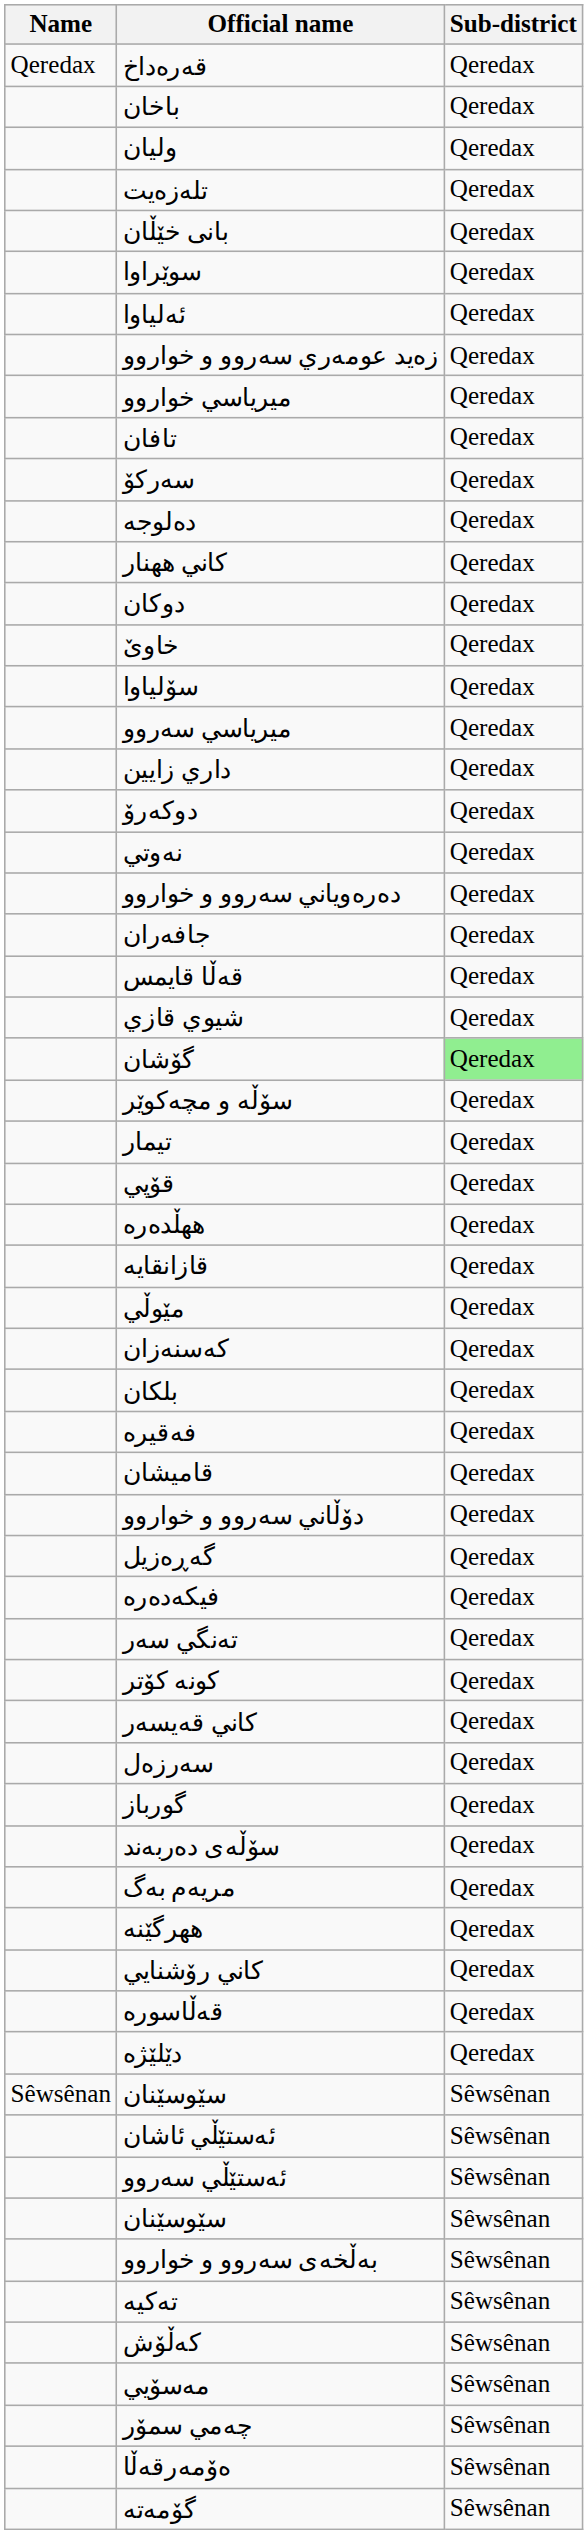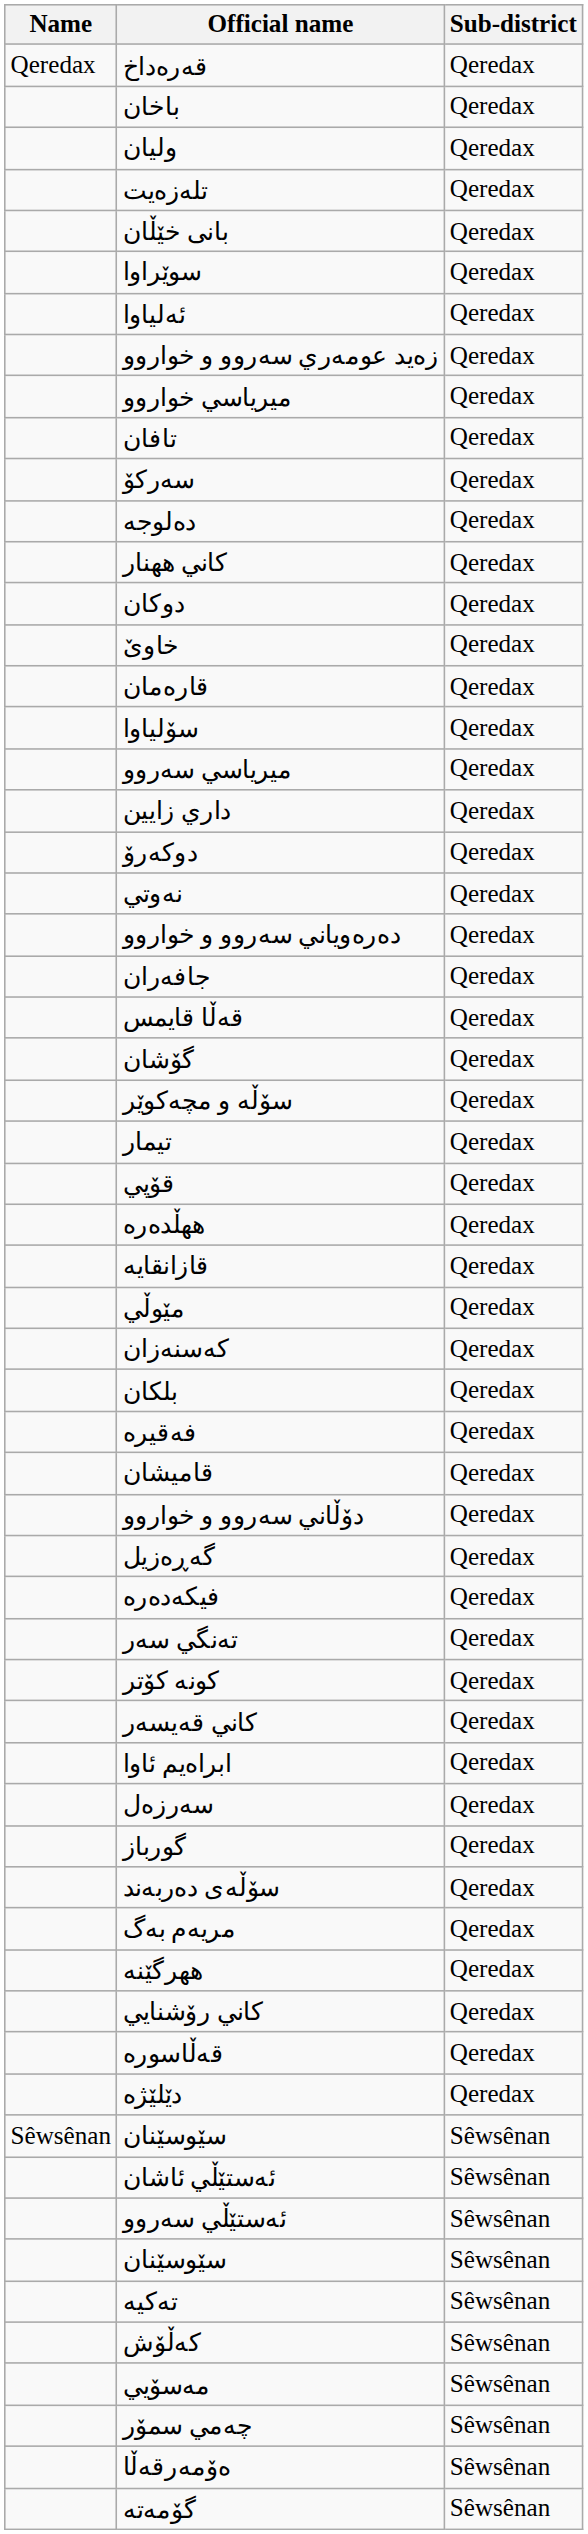 <table class="wikitable">
 <tr>
 <th>Name</th>
 <th>Official name</th>
 <th>Sub-district</th>
 </tr>
 <tr>
 <td>Qeredax</td>
 <td>قه‌ره‌داخ</td>
 <td>Qeredax</td>
 </tr>
 <tr>
 <td></td>
 <td>باخان</td>
 <td>Qeredax</td>
 </tr>
 <tr>
 <td></td>
 <td>وليان</td>
 <td>Qeredax</td>
 </tr>
 <tr>
 <td></td>
 <td>تله‌زه‌‌یت</td>
 <td>Qeredax</td>
 </tr>
 <tr>
 <td></td>
 <td>بانی خێڵان</td>
 <td>Qeredax</td>
 </tr>
 <tr>
 <td></td>
 <td>سوێراوا</td>
 <td>Qeredax</td>
 </tr>
 <tr>
 <td></td>
 <td>ئه‌لياوا</td>
 <td>Qeredax</td>
 </tr>
 <tr>
 <td></td>
 <td>زه‌‌ید عومه‌ري سه‌روو و خواروو</td>
 <td>Qeredax</td>
 </tr>
 <tr>
 <td></td>
 <td>ميرياسي خواروو</td>
 <td>Qeredax</td>
 </tr>
 <tr>
 <td></td>
 <td>تافان</td>
 <td>Qeredax</td>
 </tr>
 <tr>
 <td></td>
 <td>سه‌ركۆ</td>
 <td>Qeredax</td>
 </tr>
 <tr>
 <td></td>
 <td>ده‌لوجه‌</td>
 <td>Qeredax</td>
 </tr>
 <tr>
 <td></td>
 <td>كاني ههنار</td>
 <td>Qeredax</td>
 </tr>
 <tr>
 <td></td>
 <td>دوكان</td>
 <td>Qeredax</td>
 </tr>
 <tr>
 <td></td>
 <td>خاوێ</td>
 <td>Qeredax</td>
 </tr>
 <tr>
 <td></td>
+<td>قاره‌مان</td>
+<td>Qeredax</td>
+</tr>
+<tr>
+<td></td>
 <td>سۆلياوا</td>
 <td>Qeredax</td>
 </tr>
 <tr>
 <td></td>
 <td>ميرياسي سه‌روو</td>
 <td>Qeredax</td>
 </tr>
 <tr>
 <td></td>
 <td>داري زايين</td>
 <td>Qeredax</td>
 </tr>
 <tr>
 <td></td>
 <td>دوكه‌رۆ</td>
 <td>Qeredax</td>
 </tr>
 <tr>
 <td></td>
 <td>نه‌وتي</td>
 <td>Qeredax</td>
 </tr>
 <tr>
 <td></td>
 <td>ده‌ره‌وياني سه‌روو و خواروو</td>
 <td>Qeredax</td>
 </tr>
 <tr>
 <td></td>
 <td>جافه‌ران</td>
 <td>Qeredax</td>
 </tr>
 <tr>
 <td></td>
 <td>قه‌‌ڵا قايمس</td>
 <td>Qeredax</td>
 </tr>
 <tr>
 <td></td>
-<td>شيوي قازي</td>
+<td>گۆشان</td>
 <td>Qeredax</td>
-</tr>
-<tr>
-<td></td>
-<td>گۆشان</td>
-<td style="background: lightgreen;">Qeredax</td>
 </tr>
 <tr>
 <td></td>
 <td>سۆڵه‌ و مچه‌كوێر</td>
 <td>Qeredax</td>
 </tr>
 <tr>
 <td></td>
 <td>تيمار</td>
 <td>Qeredax</td>
 </tr>
 <tr>
 <td></td>
 <td>قۆپي</td>
 <td>Qeredax</td>
 </tr>
 <tr>
 <td></td>
 <td>ههڵده‌ره‌</td>
 <td>Qeredax</td>
 </tr>
 <tr>
 <td></td>
 <td>قازانقايه‌</td>
 <td>Qeredax</td>
 </tr>
 <tr>
 <td></td>
 <td>مێوڵي</td>
 <td>Qeredax</td>
 </tr>
 <tr>
 <td></td>
 <td>كه‌سنه‌زان</td>
 <td>Qeredax</td>
 </tr>
 <tr>
 <td></td>
 <td>بلكان</td>
 <td>Qeredax</td>
 </tr>
 <tr>
 <td></td>
 <td>فه‌قيره‌</td>
 <td>Qeredax</td>
 </tr>
 <tr>
 <td></td>
 <td>قاميشان</td>
 <td>Qeredax</td>
 </tr>
 <tr>
 <td></td>
 <td>دۆڵاني سه‌روو و خواروو</td>
 <td>Qeredax</td>
 </tr>
 <tr>
 <td></td>
 <td>گه‌ڕه‌زيل</td>
 <td>Qeredax</td>
 </tr>
 <tr>
 <td></td>
 <td>فيكه‌ده‌ره‌</td>
 <td>Qeredax</td>
 </tr>
 <tr>
 <td></td>
 <td>ته‌نگي سه‌ر</td>
 <td>Qeredax</td>
 </tr>
 <tr>
 <td></td>
 <td>كونه‌ كۆتر</td>
 <td>Qeredax</td>
 </tr>
 <tr>
 <td></td>
 <td>كاني قه‌‌یسه‌ر</td>
 <td>Qeredax</td>
 </tr>
 <tr>
 <td></td>
+<td>ابراه‌‌یم ئاوا</td>
+<td>Qeredax</td>
+</tr>
+<tr>
+<td></td>
 <td>سه‌رزه‌ل</td>
 <td>Qeredax</td>
 </tr>
 <tr>
 <td></td>
 <td>گورباز</td>
 <td>Qeredax</td>
 </tr>
 <tr>
 <td></td>
 <td>سۆڵه‌‌ی ده‌ربه‌ند</td>
 <td>Qeredax</td>
 </tr>
 <tr>
 <td></td>
 <td>مريه‌م به‌گ</td>
 <td>Qeredax</td>
 </tr>
 <tr>
 <td></td>
 <td>ههرگێنه‌</td>
 <td>Qeredax</td>
 </tr>
 <tr>
 <td></td>
 <td>كاني رۆشنايي</td>
 <td>Qeredax</td>
 </tr>
 <tr>
 <td></td>
 <td>قه‌‌ڵاسوره‌</td>
 <td>Qeredax</td>
 </tr>
 <tr>
 <td></td>
 <td>دێلێژه‌</td>
 <td>Qeredax</td>
 </tr>
 <tr>
 <td>Sêwsênan</td>
 <td>سێوسێنان</td>
 <td>Sêwsênan</td>
 </tr>
 <tr>
 <td></td>
 <td>ئه‌ستێڵي ئاشان</td>
 <td>Sêwsênan</td>
 </tr>
 <tr>
 <td></td>
 <td>ئه‌ستێڵي سه‌روو</td>
 <td>Sêwsênan</td>
 </tr>
 <tr>
 <td></td>
 <td>سێوسێنان</td>
 <td>Sêwsênan</td>
 </tr>
 <tr>
 <td></td>
-<td>به‌ڵخه‌‌ی سه‌روو و خواروو</td>
-<td>Sêwsênan</td>
-</tr>
-<tr>
-<td></td>
 <td>ته‌كيه‌</td>
 <td>Sêwsênan</td>
 </tr>
 <tr>
 <td></td>
 <td>كه‌ڵۆش</td>
 <td>Sêwsênan</td>
 </tr>
 <tr>
 <td></td>
 <td>مه‌سۆيي</td>
 <td>Sêwsênan</td>
 </tr>
 <tr>
 <td></td>
 <td>چه‌مي سمۆر</td>
 <td>Sêwsênan</td>
 </tr>
 <tr>
 <td></td>
 <td>ه‌ۆمه‌رقه‌‌ڵا</td>
 <td>Sêwsênan</td>
 </tr>
 <tr>
 <td></td>
 <td>گۆمه‌ته‌</td>
 <td>Sêwsênan</td>
 </tr>
 </table>
